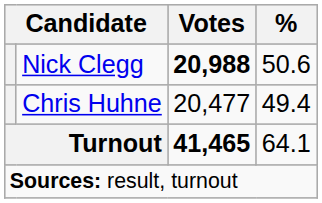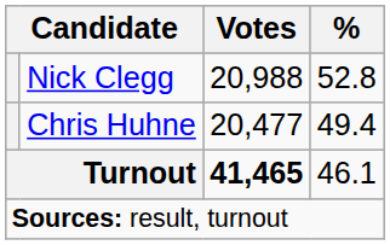 <table class="wikitable">
 <tr>
 <th colspan="2">Candidate</th>
 <th>Votes</th>
 <th>%</th>
 </tr>
 <tr>
 <th style="background-color: "></th>
 <td><a href='#'>Nick Clegg</a> </td>
-<td><strong>20,988</strong></td>
-<td>50.6</td>
+<td>20,988</td>
+<td>52.8</td>
 </tr>
 <tr>
 <th style="background-color: "></th>
 <td><a href='#'>Chris Huhne</a></td>
 <td>20,477</td>
 <td>49.4</td>
 </tr>
 <tr>
 <th colspan="2" style="text-align:right;">Turnout</th>
 <td><strong>41,465</strong></td>
-<td>64.1</td>
+<td>46.1</td>
 </tr>
 <tr style="font-size:85%">
 <td colspan="5" style="text-align:left;"><strong>Sources:</strong> result, turnout</td>
 </tr>
 </table>
